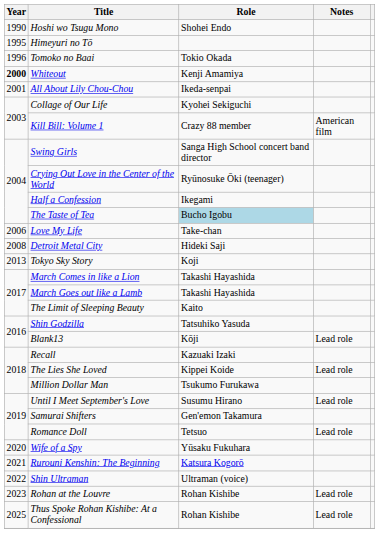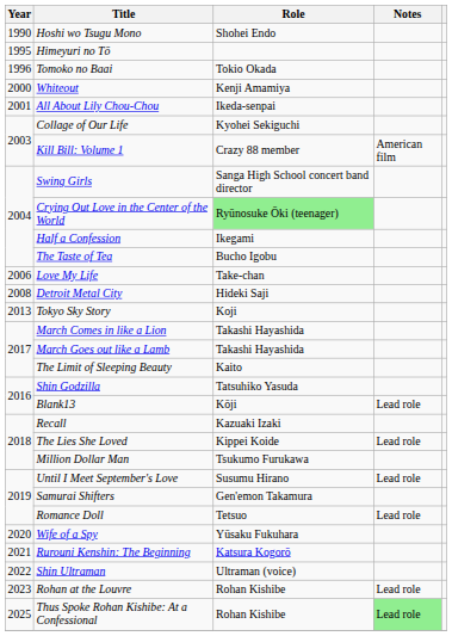 <table class="wikitable sortable">
 <tr>
 <th>Year</th>
 <th>Title</th>
 <th>Role</th>
 <th class="unsortable">Notes</th>
 <th class="unsortable"></th>
 </tr>
 <tr>
 <td>1990</td>
 <td><em>Hoshi wo Tsugu Mono</em></td>
 <td>Shohei Endo</td>
 <td></td>
 <td></td>
 </tr>
 <tr>
 <td>1995</td>
 <td><em>Himeyuri no Tō</em></td>
 <td></td>
 <td></td>
 <td></td>
 </tr>
 <tr>
 <td>1996</td>
 <td><em>Tomoko no Baai</em></td>
 <td>Tokio Okada</td>
 <td></td>
 <td></td>
 </tr>
 <tr>
-<td><strong>2000</strong></td>
+<td>2000</td>
 <td><em><a href='#'>Whiteout</a></em></td>
 <td>Kenji Amamiya</td>
 <td></td>
 <td></td>
 </tr>
 <tr>
 <td>2001</td>
 <td><em><a href='#'>All About Lily Chou-Chou</a></em></td>
 <td>Ikeda-senpai</td>
 <td></td>
 <td></td>
 </tr>
 <tr>
 <td rowspan="2">2003</td>
 <td><em>Collage of Our Life</em></td>
 <td>Kyohei Sekiguchi</td>
 <td></td>
 <td></td>
 </tr>
 <tr>
 <td><em><a href='#'>Kill Bill: Volume 1</a></em></td>
 <td>Crazy 88 member</td>
 <td>American film</td>
 <td></td>
 </tr>
 <tr>
 <td rowspan="4">2004</td>
 <td><em><a href='#'>Swing Girls</a></em></td>
 <td>Sanga High School concert band director</td>
 <td></td>
 <td></td>
 </tr>
 <tr>
 <td><em><a href='#'>Crying Out Love in the Center of the World</a></em></td>
-<td>Ryūnosuke Ōki (teenager)</td>
+<td style="background: lightgreen;">Ryūnosuke Ōki (teenager)</td>
 <td></td>
 <td></td>
 </tr>
 <tr>
 <td><em><a href='#'>Half a Confession</a></em></td>
 <td>Ikegami</td>
 <td></td>
 <td></td>
 </tr>
 <tr>
 <td><em><a href='#'>The Taste of Tea</a></em></td>
-<td style="background: lightblue;">Bucho Igobu</td>
+<td>Bucho Igobu</td>
 <td></td>
 <td></td>
 </tr>
 <tr>
 <td>2006</td>
 <td><em><a href='#'>Love My Life</a></em></td>
 <td>Take-chan</td>
 <td></td>
 <td></td>
 </tr>
 <tr>
 <td>2008</td>
 <td><em><a href='#'>Detroit Metal City</a></em></td>
 <td>Hideki Saji</td>
 <td></td>
 <td></td>
 </tr>
 <tr>
 <td>2013</td>
 <td><em>Tokyo Sky Story</em></td>
 <td>Koji</td>
 <td></td>
 <td></td>
 </tr>
 <tr>
 <td rowspan="3">2017</td>
 <td><em><a href='#'>March Comes in like a Lion</a></em></td>
 <td>Takashi Hayashida</td>
 <td></td>
 <td></td>
 </tr>
 <tr>
 <td><em><a href='#'>March Goes out like a Lamb</a></em></td>
 <td>Takashi Hayashida</td>
 <td></td>
 <td></td>
 </tr>
 <tr>
 <td><em>The Limit of Sleeping Beauty</em></td>
 <td>Kaito</td>
 <td></td>
 <td></td>
 </tr>
 <tr>
 <td rowspan="2">2016</td>
 <td><em><a href='#'>Shin Godzilla</a></em></td>
 <td>Tatsuhiko Yasuda</td>
 <td></td>
 <td></td>
 </tr>
 <tr>
 <td><em>Blank13</em></td>
 <td>Kōji</td>
 <td>Lead role</td>
 <td></td>
 </tr>
 <tr>
 <td rowspan="3">2018</td>
 <td><em>Recall</em></td>
 <td>Kazuaki Izaki</td>
 <td></td>
 <td></td>
 </tr>
 <tr>
 <td><em>The Lies She Loved</em></td>
 <td>Kippei Koide</td>
 <td>Lead role</td>
 <td></td>
 </tr>
 <tr>
 <td><em>Million Dollar Man</em></td>
 <td>Tsukumo Furukawa</td>
 <td></td>
 <td></td>
 </tr>
 <tr>
 <td rowspan="3">2019</td>
 <td><em>Until I Meet September's Love</em></td>
 <td>Susumu Hirano</td>
 <td>Lead role</td>
 <td></td>
 </tr>
 <tr>
 <td><em>Samurai Shifters</em></td>
 <td>Gen'emon Takamura</td>
 <td></td>
 <td></td>
 </tr>
 <tr>
 <td><em>Romance Doll</em></td>
 <td>Tetsuo</td>
 <td>Lead role</td>
 <td></td>
 </tr>
 <tr>
 <td>2020</td>
 <td><em><a href='#'>Wife of a Spy</a></em></td>
 <td>Yūsaku Fukuhara</td>
 <td></td>
 <td></td>
 </tr>
 <tr>
 <td>2021</td>
 <td><em><a href='#'>Rurouni Kenshin: The Beginning</a></em></td>
 <td><a href='#'>Katsura Kogorō</a></td>
 <td></td>
 <td></td>
 </tr>
 <tr>
 <td>2022</td>
 <td><em><a href='#'>Shin Ultraman</a></em></td>
 <td>Ultraman (voice)</td>
 <td></td>
 <td></td>
 </tr>
 <tr>
 <td>2023</td>
 <td><em>Rohan at the Louvre</em></td>
 <td>Rohan Kishibe</td>
 <td>Lead role</td>
 <td></td>
 </tr>
 <tr>
 <td>2025</td>
 <td><em>Thus Spoke Rohan Kishibe: At a Confessional</em></td>
 <td>Rohan Kishibe</td>
-<td>Lead role</td>
+<td style="background: lightgreen;">Lead role</td>
 <td></td>
 </tr>
 <tr>
 </tr>
 </table>
